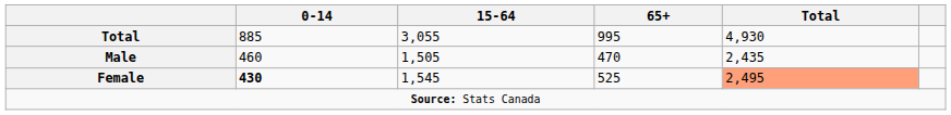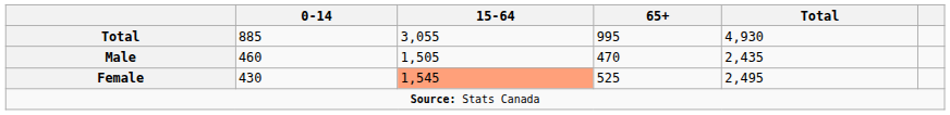 <table class="wikitable" style="width: 75%; margin: 0 auto 0 auto;">
 <tr>
 <th> </th>
 <th>0-14</th>
 <th>15-64</th>
 <th>65+</th>
 <th>Total</th>
 <th></th>
 </tr>
 <tr>
 <th>Total</th>
 <td>885</td>
 <td>3,055</td>
 <td>995</td>
 <td>4,930</td>
 <td></td>
 </tr>
 <tr>
 <th>Male</th>
 <td>460</td>
 <td>1,505</td>
 <td>470</td>
 <td>2,435</td>
 <td></td>
 </tr>
 <tr>
 <th>Female</th>
-<td><strong>430</strong></td>
-<td>1,545</td>
+<td>430</td>
+<td style="background: lightsalmon;">1,545</td>
 <td>525</td>
-<td style="background: lightsalmon;">2,495</td>
+<td>2,495</td>
 <td></td>
 </tr>
 <tr>
 <td colspan="15" style="text-align: center;"><small><strong>Source:</strong> Stats Canada</small> </td>
 </tr>
 </table>
